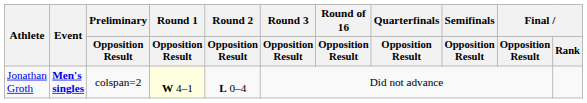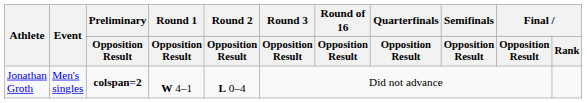 <table class="wikitable" style="font-size:90%;">
 <tr>
 <th rowspan=2>Athlete</th>
 <th rowspan=2>Event</th>
 <th>Preliminary</th>
 <th>Round 1</th>
 <th>Round 2</th>
 <th>Round 3</th>
 <th>Round of 16</th>
 <th>Quarterfinals</th>
 <th>Semifinals</th>
 <th colspan=2>Final / </th>
 </tr>
 <tr style="font-size:95%">
 <th>Opposition<br>Result</th>
 <th>Opposition<br>Result</th>
 <th>Opposition<br>Result</th>
 <th>Opposition<br>Result</th>
 <th>Opposition<br>Result</th>
 <th>Opposition<br>Result</th>
 <th>Opposition<br>Result</th>
 <th>Opposition<br>Result</th>
 <th>Rank</th>
 </tr>
 <tr align=center>
 <td align=left><a href='#'>Jonathan Groth</a></td>
-<td align=left><strong><a href='#'>Men's singles</a></strong></td>
-<td>colspan=2 </td>
-<td style="background: lightyellow;"><br><strong>W</strong> 4–1</td>
+<td align=left><a href='#'>Men's singles</a></td>
+<td><strong>colspan=2 </strong></td>
+<td><br><strong>W</strong> 4–1</td>
 <td><br><strong>L</strong> 0–4</td>
 <td colspan=5>Did not advance</td>
 </tr>
 </table>
